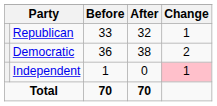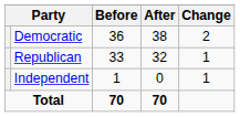 <table class="wikitable" style="text-align:center;">
 <tr>
 </tr>
 <tr>
 <th colspan=2>Party</th>
 <th>Before</th>
 <th>After</th>
 <th>Change</th>
 </tr>
 <tr>
 <th style="background-color:"></th>
+<td style="text-align:left;"><a href='#'>Democratic</a></td>
+<td>36</td>
+<td>38</td>
+<td> 2</td>
+</tr>
+<tr>
+<th style="background-color:"></th>
 <td style="text-align:left;"><a href='#'>Republican</a></td>
 <td>33</td>
 <td>32</td>
 <td> 1</td>
 </tr>
 <tr>
 <th style="background-color:"></th>
-<td style="text-align:left;"><a href='#'>Democratic</a></td>
-<td>36</td>
-<td>38</td>
-<td> 2</td>
-</tr>
-<tr>
-<th style="background-color:"></th>
 <td style="text-align:left;"><a href='#'>Independent</a></td>
 <td>1</td>
 <td>0</td>
-<td style="background: pink;"> 1</td>
+<td> 1</td>
 </tr>
 <tr>
 <td colspan=2><strong>Total</strong></td>
 <td><strong>70</strong></td>
 <td><strong>70</strong></td>
 <td></td>
 </tr>
 </table>
